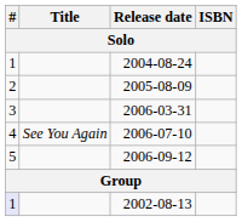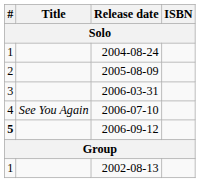 <table class="wikitable">
 <tr>
 <th>#</th>
 <th>Title</th>
 <th>Release date</th>
 <th>ISBN</th>
 </tr>
 <tr>
 <th colspan="4"><strong>Solo</strong></th>
 </tr>
 <tr>
 <td>1</td>
 <td></td>
 <td align="right">2004-08-24</td>
 <td></td>
 </tr>
 <tr>
 <td>2</td>
 <td></td>
 <td align="right">2005-08-09</td>
 <td></td>
 </tr>
 <tr>
 <td>3</td>
 <td></td>
 <td align="right">2006-03-31</td>
 <td></td>
 </tr>
 <tr>
 <td>4</td>
 <td><em>See You Again</em></td>
 <td align="right">2006-07-10</td>
 <td></td>
 </tr>
 <tr>
-<td>5</td>
+<td><strong>5</strong></td>
 <td></td>
 <td align="right">2006-09-12</td>
 <td></td>
 </tr>
 <tr>
 <th colspan="4"><strong>Group</strong></th>
 </tr>
 <tr>
-<td style="background: lavender;">1</td>
+<td>1</td>
 <td></td>
 <td align="right">2002-08-13</td>
 <td></td>
 </tr>
 </table>
